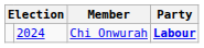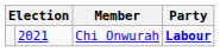 <table class="wikitable">
 <tr>
 <th colspan="2">Election</th>
 <th>Member</th>
 <th>Party</th>
 </tr>
 <tr>
 <td style="color:inherit;background-color: "></td>
-<td><a href='#'>2024</a></td>
+<td><a href='#'>2021</a></td>
 <td><a href='#'>Chi Onwurah</a></td>
 <td><strong><a href='#'>Labour</a></strong></td>
 </tr>
 </table>
